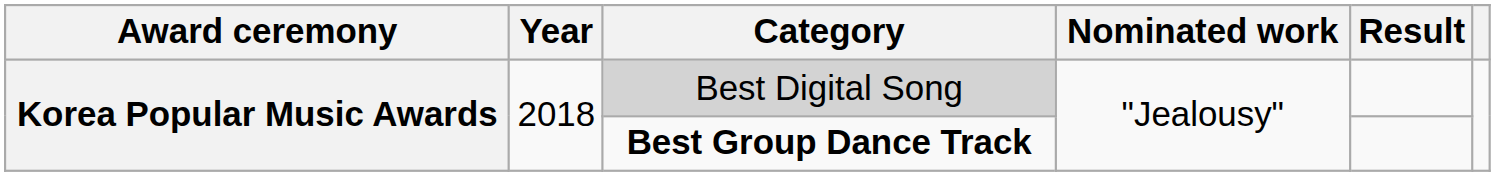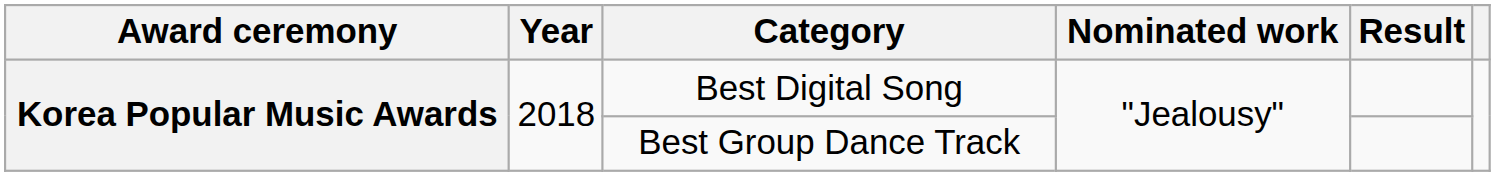 <table class="wikitable sortable plainrowheaders" style="text-align:center;">
 <tr>
 <th scope="col" style="width:14em">Award ceremony</th>
 <th scope="col">Year</th>
 <th scope="col" style="width:12.5em">Category</th>
 <th scope="col" style="width:8em">Nominated work</th>
 <th scope="col">Result</th>
 <th scope="col" class="unsortable"></th>
 </tr>
 <tr>
 <th scope="row" rowspan="2">Korea Popular Music Awards</th>
 <td rowspan="2">2018</td>
-<td style="background: lightgrey;">Best Digital Song</td>
+<td>Best Digital Song</td>
 <td rowspan="2">"Jealousy"</td>
 <td></td>
 <td rowspan="2"></td>
 </tr>
 <tr>
-<td><strong>Best Group Dance Track</strong></td>
+<td>Best Group Dance Track</td>
 <td></td>
 </tr>
 </table>
